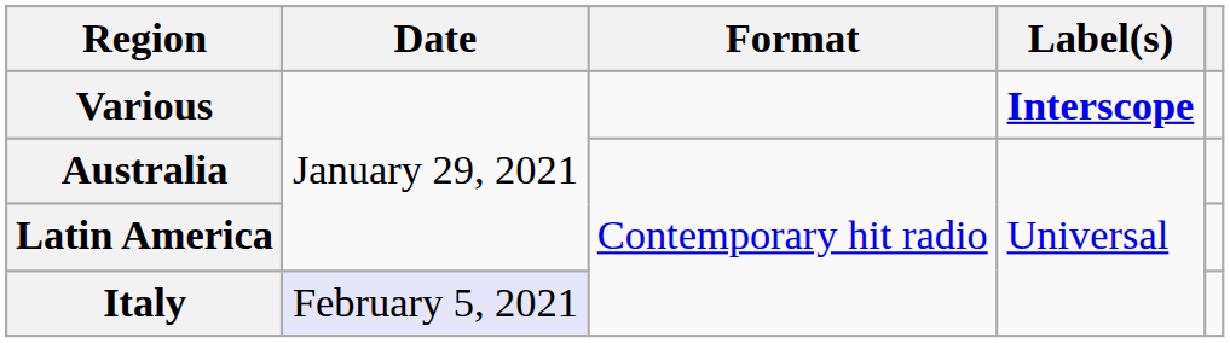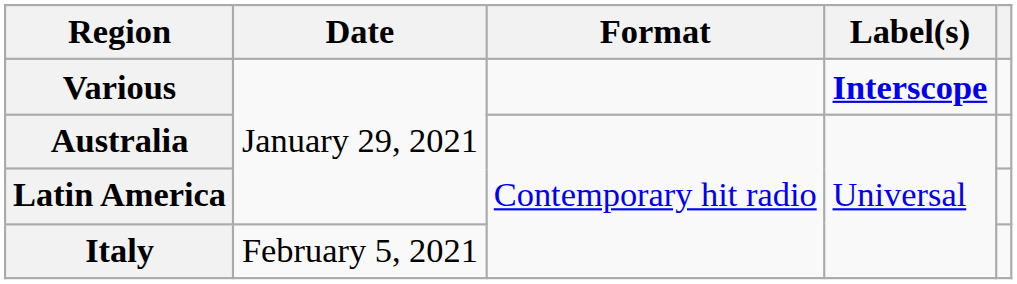 <table class="wikitable plainrowheaders">
 <tr>
 <th scope="col">Region</th>
 <th scope="col">Date</th>
 <th scope="col">Format</th>
 <th scope="col">Label(s)</th>
 <th scope="col"></th>
 </tr>
 <tr>
 <th scope="row">Various</th>
 <td rowspan="3">January 29, 2021</td>
 <td></td>
 <td><strong><a href='#'>Interscope</a></strong></td>
 <td align="center"></td>
 </tr>
 <tr>
 <th scope="row">Australia</th>
 <td rowspan="3"><a href='#'>Contemporary hit radio</a></td>
 <td rowspan="3"><a href='#'>Universal</a></td>
 <td align="center"></td>
 </tr>
 <tr>
 <th scope="row">Latin America</th>
 <td style="text-align:center;"></td>
 </tr>
 <tr>
 <th scope="row">Italy</th>
-<td style="background: lavender;">February 5, 2021</td>
+<td>February 5, 2021</td>
 <td align="center"></td>
 </tr>
 </table>
